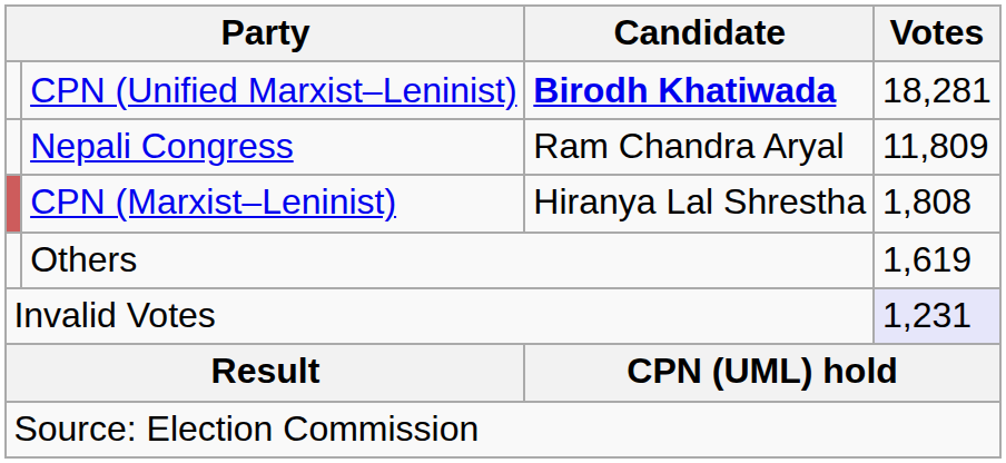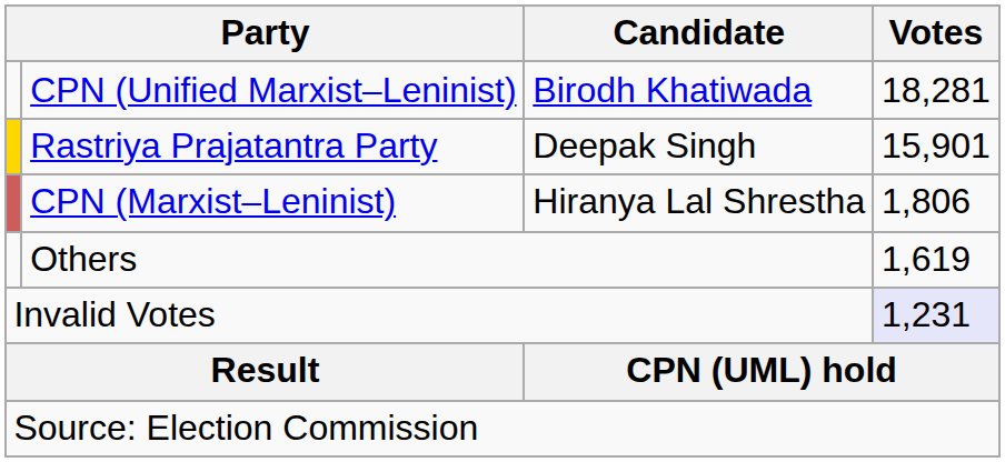 <table class="wikitable">
 <tr>
 <th colspan="2">Party</th>
 <th>Candidate</th>
 <th>Votes</th>
 </tr>
 <tr>
 <td style="background-color:"></td>
 <td><a href='#'>CPN (Unified Marxist–Leninist)</a></td>
-<td><strong><a href='#'>Birodh Khatiwada</a></strong></td>
+<td><a href='#'>Birodh Khatiwada</a></td>
 <td>18,281</td>
 </tr>
 <tr>
-<td style="background-color:"></td>
-<td><a href='#'>Nepali Congress</a></td>
-<td>Ram Chandra Aryal</td>
-<td>11,809</td>
+<td style="background-color:gold"></td>
+<td><a href='#'>Rastriya Prajatantra Party</a></td>
+<td>Deepak Singh</td>
+<td>15,901</td>
 </tr>
 <tr>
 <td style="background-color:indianred"></td>
 <td><a href='#'>CPN (Marxist–Leninist)</a></td>
 <td>Hiranya Lal Shrestha</td>
-<td>1,808</td>
+<td>1,806</td>
 </tr>
 <tr>
 <td></td>
 <td colspan="2">Others</td>
 <td>1,619</td>
 </tr>
 <tr>
 <td colspan="3">Invalid Votes</td>
 <td style="background: lavender;">1,231</td>
 </tr>
 <tr>
 <th colspan="2">Result</th>
 <th colspan="2">CPN (UML) hold</th>
 </tr>
 <tr>
 <td colspan="4">Source: Election Commission</td>
 </tr>
 </table>
